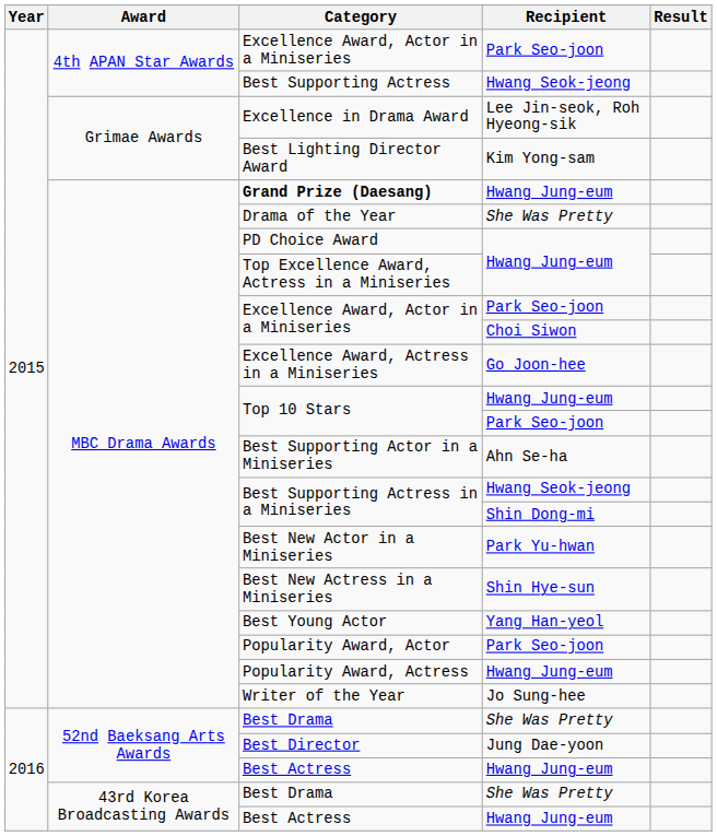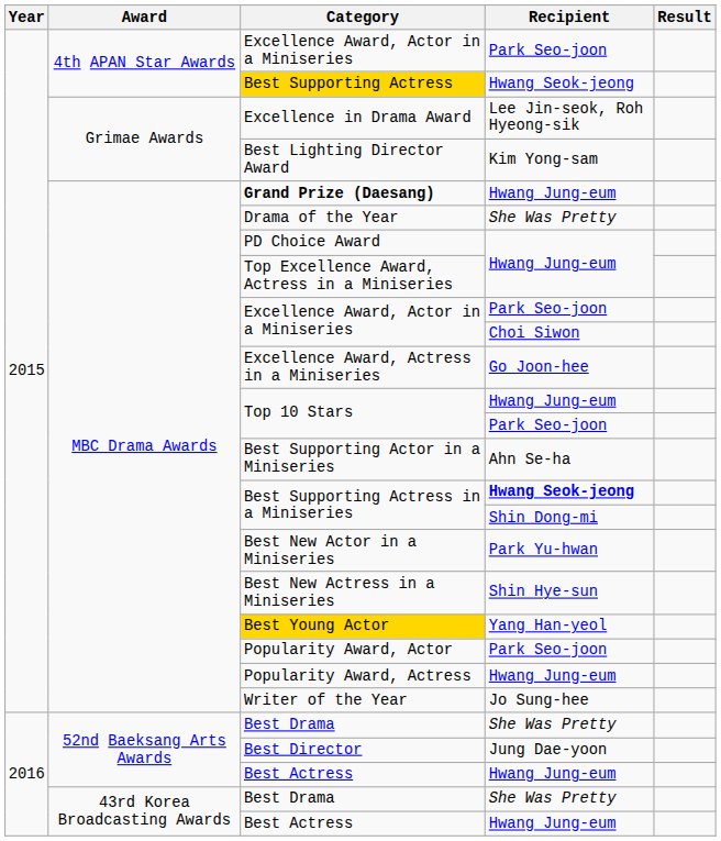 <table class="wikitable">
 <tr>
 <th>Year</th>
 <th>Award</th>
 <th>Category</th>
 <th>Recipient</th>
 <th>Result</th>
 </tr>
 <tr>
 <td rowspan="22">2015</td>
 <td rowspan="2" style="text-align:center;"><a href='#'>4th</a> <a href='#'>APAN Star Awards</a></td>
 <td>Excellence Award, Actor in a Miniseries</td>
 <td><a href='#'>Park Seo-joon</a></td>
 <td></td>
 </tr>
 <tr>
-<td>Best Supporting Actress</td>
+<td style="background: gold;">Best Supporting Actress</td>
 <td><a href='#'>Hwang Seok-jeong</a></td>
 <td></td>
 </tr>
 <tr>
 <td rowspan="2" style="text-align:center;">Grimae Awards</td>
 <td>Excellence in Drama Award</td>
 <td>Lee Jin-seok, Roh Hyeong-sik</td>
 <td></td>
 </tr>
 <tr>
 <td>Best Lighting Director Award</td>
 <td>Kim Yong-sam</td>
 <td></td>
 </tr>
 <tr>
 <td rowspan="18" style="text-align:center;"><a href='#'>MBC Drama Awards</a></td>
 <td><strong>Grand Prize (Daesang)</strong></td>
 <td><a href='#'>Hwang Jung-eum</a></td>
 <td></td>
 </tr>
 <tr>
 <td>Drama of the Year</td>
 <td><em>She Was Pretty</em></td>
 <td></td>
 </tr>
 <tr>
 <td>PD Choice Award</td>
 <td rowspan="2"><a href='#'>Hwang Jung-eum</a></td>
 <td></td>
 </tr>
 <tr>
 <td>Top Excellence Award, Actress in a Miniseries</td>
 <td></td>
 </tr>
 <tr>
 <td rowspan="2">Excellence Award, Actor in a Miniseries</td>
 <td><a href='#'>Park Seo-joon</a></td>
 <td></td>
 </tr>
 <tr>
 <td><a href='#'>Choi Siwon</a></td>
 <td></td>
 </tr>
 <tr>
 <td>Excellence Award, Actress in a Miniseries</td>
 <td><a href='#'>Go Joon-hee</a></td>
 <td></td>
 </tr>
 <tr>
 <td rowspan="2">Top 10 Stars</td>
 <td><a href='#'>Hwang Jung-eum</a></td>
 <td></td>
 </tr>
 <tr>
 <td><a href='#'>Park Seo-joon</a></td>
 <td></td>
 </tr>
 <tr>
 <td>Best Supporting Actor in a Miniseries</td>
 <td>Ahn Se-ha</td>
 <td></td>
 </tr>
 <tr>
 <td rowspan="2">Best Supporting Actress in a Miniseries</td>
-<td><a href='#'>Hwang Seok-jeong</a></td>
+<td><strong><a href='#'>Hwang Seok-jeong</a></strong></td>
 <td></td>
 </tr>
 <tr>
 <td><a href='#'>Shin Dong-mi</a></td>
 <td></td>
 </tr>
 <tr>
 <td>Best New Actor in a Miniseries</td>
 <td><a href='#'>Park Yu-hwan</a></td>
 <td></td>
 </tr>
 <tr>
 <td>Best New Actress in a Miniseries</td>
 <td><a href='#'>Shin Hye-sun</a></td>
 <td></td>
 </tr>
 <tr>
-<td>Best Young Actor</td>
+<td style="background: gold;">Best Young Actor</td>
 <td><a href='#'>Yang Han-yeol</a></td>
 <td></td>
 </tr>
 <tr>
 <td>Popularity Award, Actor</td>
 <td><a href='#'>Park Seo-joon</a></td>
 <td></td>
 </tr>
 <tr>
 <td>Popularity Award, Actress</td>
 <td><a href='#'>Hwang Jung-eum</a></td>
 <td></td>
 </tr>
 <tr>
 <td>Writer of the Year</td>
 <td>Jo Sung-hee</td>
 <td></td>
 </tr>
 <tr>
 <td rowspan="5">2016</td>
 <td rowspan="3" style="text-align:center;"><a href='#'>52nd</a> <a href='#'>Baeksang Arts Awards</a></td>
 <td><a href='#'>Best Drama</a></td>
 <td><em>She Was Pretty</em></td>
 <td></td>
 </tr>
 <tr>
 <td><a href='#'>Best Director</a></td>
 <td>Jung Dae-yoon</td>
 <td></td>
 </tr>
 <tr>
 <td><a href='#'>Best Actress</a></td>
 <td><a href='#'>Hwang Jung-eum</a></td>
 <td></td>
 </tr>
 <tr>
 <td rowspan="2" style="text-align:center;">43rd Korea Broadcasting Awards</td>
 <td>Best Drama</td>
 <td><em>She Was Pretty</em></td>
 <td></td>
 </tr>
 <tr>
 <td>Best Actress</td>
 <td><a href='#'>Hwang Jung-eum</a></td>
 <td></td>
 </tr>
 </table>
